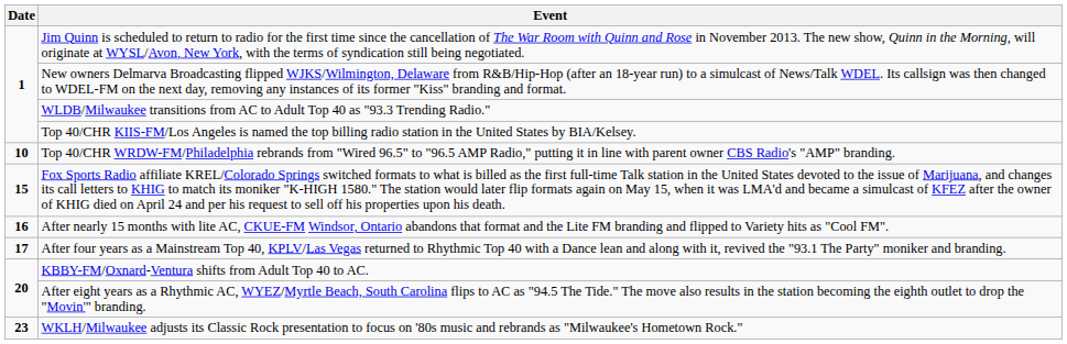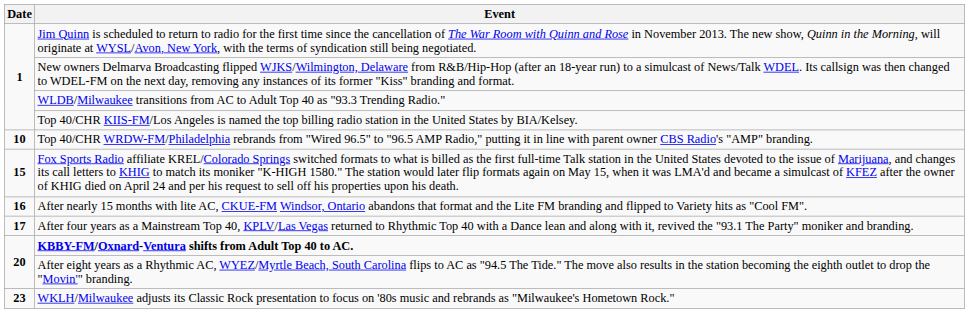 <table class="wikitable">
 <tr>
 <th>Date</th>
 <th>Event</th>
 </tr>
 <tr>
 <td style="text-align:center" rowspan=4><strong>1</strong></td>
 <td><a href='#'>Jim Quinn</a> is scheduled to return to radio for the first time since the cancellation of <em><a href='#'>The War Room with Quinn and Rose</a></em> in November 2013. The new show, <em>Quinn in the Morning</em>, will originate at <a href='#'>WYSL</a>/<a href='#'>Avon, New York</a>, with the terms of syndication still being negotiated.</td>
 </tr>
 <tr>
 <td>New owners Delmarva Broadcasting flipped <a href='#'>WJKS</a>/<a href='#'>Wilmington, Delaware</a> from R&B/Hip-Hop (after an 18-year run) to a simulcast of News/Talk <a href='#'>WDEL</a>. Its callsign was then changed to WDEL-FM on the next day, removing any instances of its former "Kiss" branding and format.</td>
 </tr>
 <tr>
 <td><a href='#'>WLDB</a>/<a href='#'>Milwaukee</a> transitions from AC to Adult Top 40 as "93.3 Trending Radio."</td>
 </tr>
 <tr>
 <td>Top 40/CHR <a href='#'>KIIS-FM</a>/Los Angeles is named the top billing radio station in the United States by BIA/Kelsey.</td>
 </tr>
 <tr>
 <td style="text-align:center"><strong>10</strong></td>
 <td>Top 40/CHR <a href='#'>WRDW-FM</a>/<a href='#'>Philadelphia</a> rebrands from "Wired 96.5" to "96.5 AMP Radio," putting it in line with parent owner <a href='#'>CBS Radio</a>'s "AMP" branding.</td>
 </tr>
 <tr>
 <td style="text-align:center"><strong>15</strong></td>
 <td><a href='#'>Fox Sports Radio</a> affiliate KREL/<a href='#'>Colorado Springs</a> switched formats to what is billed as the first full-time Talk station in the United States devoted to the issue of <a href='#'>Marijuana</a>, and changes its call letters to <a href='#'>KHIG</a> to match its moniker "K-HIGH 1580." The station would later flip formats again on May 15, when it was LMA'd and became a simulcast of <a href='#'>KFEZ</a> after the owner of KHIG died on April 24 and per his request to sell off his properties upon his death.</td>
 </tr>
 <tr>
 <td style="text-align:center"><strong>16</strong></td>
 <td>After nearly 15 months with lite AC, <a href='#'>CKUE-FM</a> <a href='#'>Windsor, Ontario</a> abandons that format and the Lite FM branding and flipped to Variety hits as "Cool FM".</td>
 </tr>
 <tr>
 <td style="text-align:center"><strong>17</strong></td>
 <td>After four years as a Mainstream Top 40, <a href='#'>KPLV</a>/<a href='#'>Las Vegas</a> returned to Rhythmic Top 40 with a Dance lean and along with it, revived the "93.1 The Party" moniker and branding.</td>
 </tr>
 <tr>
 <td style="text-align:center" rowspan=2><strong>20</strong></td>
-<td><a href='#'>KBBY-FM</a>/<a href='#'>Oxnard</a>-<a href='#'>Ventura</a> shifts from Adult Top 40 to AC.</td>
+<td><strong><a href='#'>KBBY-FM</a>/<a href='#'>Oxnard</a>-<a href='#'>Ventura</a> shifts from Adult Top 40 to AC.</strong></td>
 </tr>
 <tr>
 <td>After eight years as a Rhythmic AC, <a href='#'>WYEZ</a>/<a href='#'>Myrtle Beach, South Carolina</a> flips to AC as "94.5 The Tide." The move also results in the station becoming the eighth outlet to drop the "<a href='#'>Movin'</a>" branding.</td>
 </tr>
 <tr>
 <td style="text-align:center"><strong>23</strong></td>
 <td><a href='#'>WKLH</a>/<a href='#'>Milwaukee</a> adjusts its Classic Rock presentation to focus on '80s music and rebrands as "Milwaukee's Hometown Rock."</td>
 </tr>
 </table>
